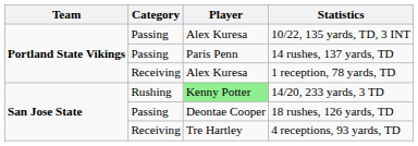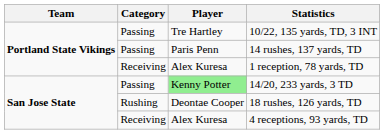 <table class="wikitable" style="float: left;">
 <tr>
 <th>Team</th>
 <th>Category</th>
 <th>Player</th>
 <th>Statistics</th>
 </tr>
 <tr>
 <td rowspan=3><strong>Portland State Vikings</strong></td>
 <td>Passing</td>
-<td>Alex Kuresa</td>
+<td>Tre Hartley</td>
 <td>10/22, 135 yards, TD, 3 INT</td>
 </tr>
 <tr>
 <td>Passing</td>
 <td>Paris Penn</td>
 <td>14 rushes, 137 yards, TD</td>
 </tr>
 <tr>
 <td>Receiving</td>
 <td>Alex Kuresa</td>
 <td>1 reception, 78 yards, TD</td>
 </tr>
 <tr>
 <td rowspan=3><strong>San Jose State</strong></td>
-<td>Rushing</td>
+<td>Passing</td>
 <td style="background: lightgreen;">Kenny Potter</td>
 <td>14/20, 233 yards, 3 TD</td>
 </tr>
 <tr>
-<td>Passing</td>
+<td>Rushing</td>
 <td>Deontae Cooper</td>
 <td>18 rushes, 126 yards, TD</td>
 </tr>
 <tr>
 <td>Receiving</td>
-<td>Tre Hartley</td>
+<td>Alex Kuresa</td>
 <td>4 receptions, 93 yards, TD</td>
 </tr>
 </table>
